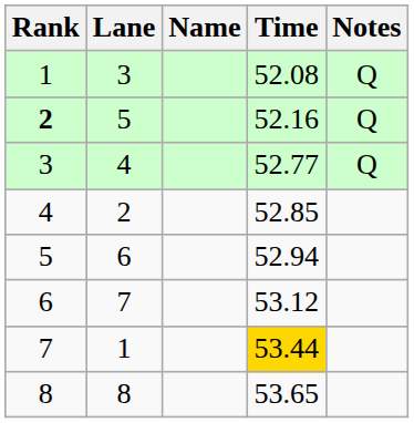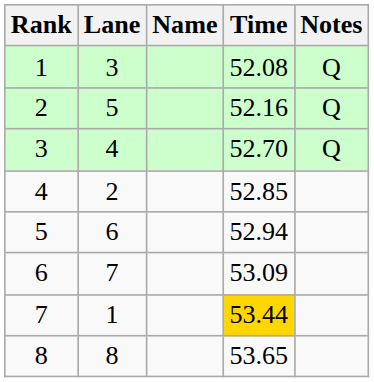 <table class="wikitable sortable" style="text-align:center">
 <tr>
 <th>Rank</th>
 <th>Lane</th>
 <th>Name</th>
 <th>Time</th>
 <th>Notes</th>
 </tr>
 <tr bgcolor=ccffcc>
 <td>1</td>
 <td>3</td>
 <td align=left></td>
 <td>52.08</td>
 <td>Q</td>
 </tr>
 <tr bgcolor=ccffcc>
-<td><strong>2</strong></td>
+<td>2</td>
 <td>5</td>
 <td align=left></td>
 <td>52.16</td>
 <td>Q</td>
 </tr>
 <tr bgcolor=ccffcc>
 <td>3</td>
 <td>4</td>
 <td align=left></td>
-<td>52.77</td>
+<td>52.70</td>
 <td>Q</td>
 </tr>
 <tr>
 <td>4</td>
 <td>2</td>
 <td align=left></td>
 <td>52.85</td>
 <td></td>
 </tr>
 <tr>
 <td>5</td>
 <td>6</td>
 <td align=left></td>
 <td>52.94</td>
 <td></td>
 </tr>
 <tr>
 <td>6</td>
 <td>7</td>
 <td align=left></td>
-<td>53.12</td>
+<td>53.09</td>
 <td></td>
 </tr>
 <tr>
 <td>7</td>
 <td>1</td>
 <td align=left></td>
 <td style="background: gold;">53.44</td>
 <td></td>
 </tr>
 <tr>
 <td>8</td>
 <td>8</td>
 <td align=left></td>
 <td>53.65</td>
 <td></td>
 </tr>
 </table>
